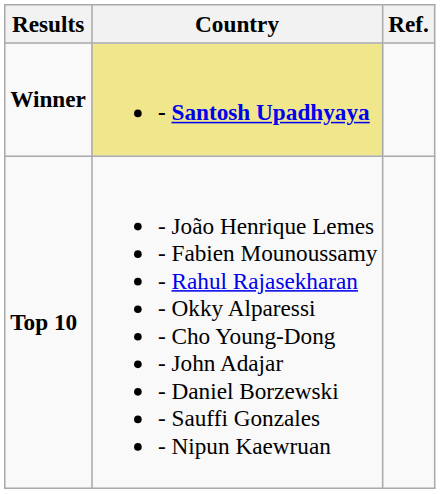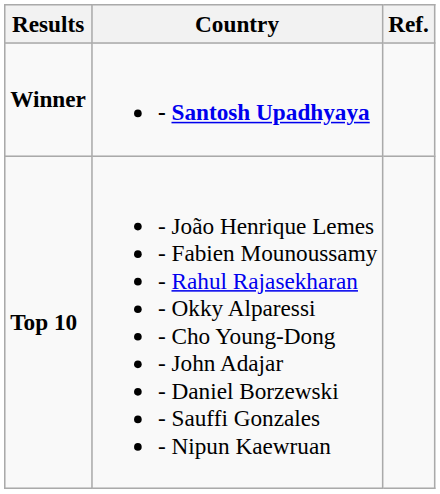 <table class="wikitable sortable" style="font-size: 95%;">
 <tr>
 <th>Results</th>
 <th>Country</th>
 <th>Ref.</th>
 </tr>
 <tr>
 <td><strong>Winner</strong></td>
-<td style="background: khaki;"><br><ul><li><strong> - <a href='#'>Santosh Upadhyaya</a></strong></li></ul></td>
+<td><br><ul><li><strong> - <a href='#'>Santosh Upadhyaya</a></strong></li></ul></td>
 </tr>
 <tr>
 <td><strong>Top 10</strong></td>
 <td><br><ul><li><strong></strong> - João Henrique Lemes</li><li><strong></strong> - Fabien Mounoussamy</li><li><strong></strong> - <a href='#'>Rahul Rajasekharan</a></li><li><strong></strong> - Okky Alparessi</li><li><strong></strong> - Cho Young-Dong</li><li><strong></strong> - John Adajar</li><li><strong></strong> - Daniel Borzewski</li><li><strong></strong> - Sauffi Gonzales</li><li><strong></strong> - Nipun Kaewruan</li></ul></td>
 <td></td>
 </tr>
 </table>
